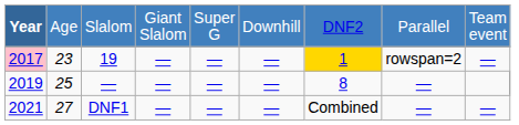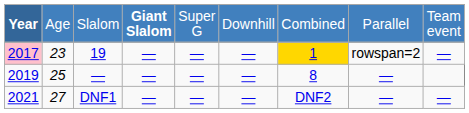 <table class="wikitable" style="font-size:95%; text-align:center; border:grey solid 1px; border-collapse:collapse;" width="40%">
 <tr style="background-color:#369; color:white;">
 <td rowspan="2" colspan="1" width="4%"><strong>Year</strong></td>
 </tr>
 <tr style="background-color:#4180be; color:white;">
 <td width="3%">Age</td>
 <td width="5%">Slalom</td>
-<td width="5%">Giant<br>Slalom</td>
+<td width="5%"><strong>Giant<br>Slalom</strong></td>
 <td width="5%">Super G</td>
 <td width="5%">Downhill</td>
-<td><a href='#'>DNF2</a></td>
+<td width="5%">Combined</td>
 <td width="5%">Parallel</td>
 <td width="5%">Team<br>event</td>
 </tr>
 <tr style="background-color:#8CB2D8; color:white;">
 </tr>
 <tr>
 <td style="background: pink;"><a href='#'>2017</a></td>
 <td><em>23</em></td>
 <td><a href='#'>19</a></td>
 <td><a href='#'>—</a></td>
 <td><a href='#'>—</a></td>
 <td><a href='#'>—</a></td>
 <td style="background:gold;"><a href='#'>1</a></td>
 <td>rowspan=2 </td>
 <td><a href='#'>—</a></td>
 </tr>
 <tr>
 <td><a href='#'>2019</a></td>
 <td><em>25</em></td>
 <td><a href='#'>—</a></td>
 <td><a href='#'>—</a></td>
 <td><a href='#'>—</a></td>
 <td><a href='#'>—</a></td>
 <td><a href='#'>8</a></td>
 <td><a href='#'>—</a></td>
 </tr>
 <tr>
 <td><a href='#'>2021</a></td>
 <td><em>27</em></td>
 <td><a href='#'>DNF1</a></td>
 <td><a href='#'>—</a></td>
 <td><a href='#'>—</a></td>
 <td><a href='#'>—</a></td>
-<td width="5%">Combined</td>
+<td><a href='#'>DNF2</a></td>
 <td><a href='#'>—</a></td>
 <td><a href='#'>—</a></td>
 </tr>
 </table>
